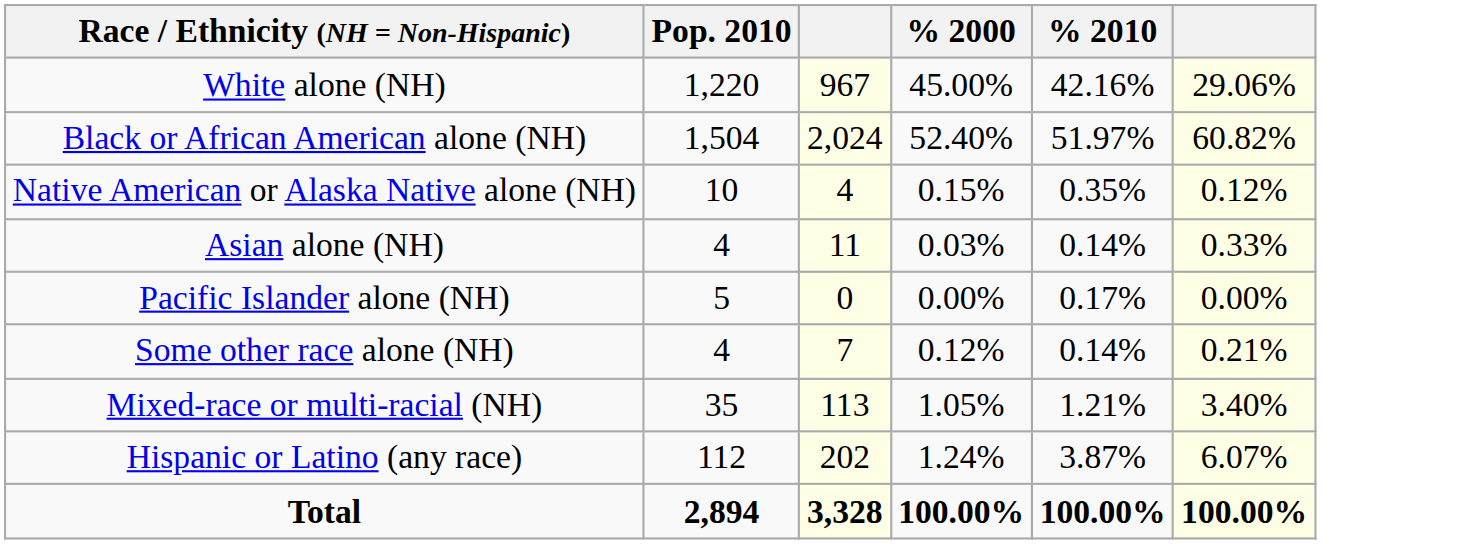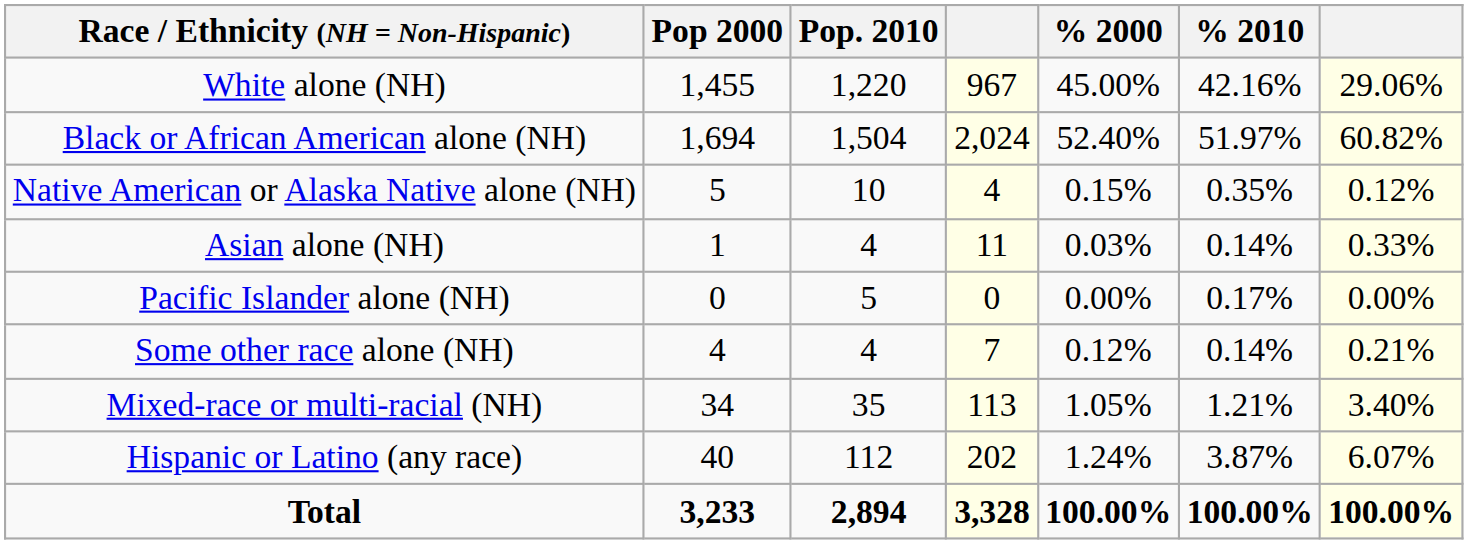 <table class="wikitable"  style="text-align:center;">
 <tr>
 <th>Race / Ethnicity <small>(<em>NH = Non-Hispanic</em>)</small></th>
+<th>Pop 2000</th>
 <th>Pop. 2010</th>
 <th></th>
 <th>% 2000</th>
 <th>% 2010</th>
 <th></th>
 </tr>
 <tr>
 <td><a href='#'>White</a> alone (NH)</td>
+<td>1,455</td>
 <td>1,220</td>
 <td style='background: #ffffe6;'>967</td>
 <td>45.00%</td>
 <td>42.16%</td>
 <td style='background: #ffffe6;'>29.06%</td>
 </tr>
 <tr>
 <td><a href='#'>Black or African American</a> alone (NH)</td>
+<td>1,694</td>
 <td>1,504</td>
 <td style='background: #ffffe6;'>2,024</td>
 <td>52.40%</td>
 <td>51.97%</td>
 <td style='background: #ffffe6;'>60.82%</td>
 </tr>
 <tr>
 <td><a href='#'>Native American</a> or <a href='#'>Alaska Native</a> alone (NH)</td>
+<td>5</td>
 <td>10</td>
 <td style='background: #ffffe6;'>4</td>
 <td>0.15%</td>
 <td>0.35%</td>
 <td style='background: #ffffe6;'>0.12%</td>
 </tr>
 <tr>
 <td><a href='#'>Asian</a> alone (NH)</td>
+<td>1</td>
 <td>4</td>
 <td style='background: #ffffe6;'>11</td>
 <td>0.03%</td>
 <td>0.14%</td>
 <td style='background: #ffffe6;'>0.33%</td>
 </tr>
 <tr>
 <td><a href='#'>Pacific Islander</a> alone (NH)</td>
+<td>0</td>
 <td>5</td>
 <td style='background: #ffffe6;'>0</td>
 <td>0.00%</td>
 <td>0.17%</td>
 <td style='background: #ffffe6;'>0.00%</td>
 </tr>
 <tr>
 <td><a href='#'>Some other race</a> alone (NH)</td>
 <td>4</td>
+<td>4</td>
 <td style='background: #ffffe6;'>7</td>
 <td>0.12%</td>
 <td>0.14%</td>
 <td style='background: #ffffe6;'>0.21%</td>
 </tr>
 <tr>
 <td><a href='#'>Mixed-race or multi-racial</a> (NH)</td>
+<td>34</td>
 <td>35</td>
 <td style='background: #ffffe6;'>113</td>
 <td>1.05%</td>
 <td>1.21%</td>
 <td style='background: #ffffe6;'>3.40%</td>
 </tr>
 <tr>
 <td><a href='#'>Hispanic or Latino</a> (any race)</td>
+<td>40</td>
 <td>112</td>
 <td style='background: #ffffe6;'>202</td>
 <td>1.24%</td>
 <td>3.87%</td>
 <td style='background: #ffffe6;'>6.07%</td>
 </tr>
 <tr>
 <td><strong>Total</strong></td>
+<td><strong>3,233</strong></td>
 <td><strong>2,894</strong></td>
 <td style='background: #ffffe6;'><strong>3,328</strong></td>
 <td><strong>100.00%</strong></td>
 <td><strong>100.00%</strong></td>
 <td style='background: #ffffe6;'><strong>100.00%</strong></td>
 </tr>
 </table>
